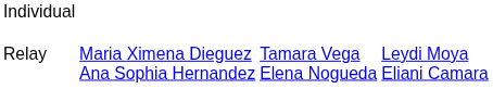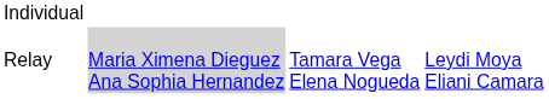 <table>
 <tr>
 <td>Individual</td>
 <td></td>
 <td></td>
 <td></td>
 </tr>
 <tr>
 <td>Relay</td>
-<td><br><a href='#'>Maria Ximena Dieguez</a><br><a href='#'>Ana Sophia Hernandez</a></td>
+<td style="background: lightgrey;"><br><a href='#'>Maria Ximena Dieguez</a><br><a href='#'>Ana Sophia Hernandez</a></td>
 <td><br><a href='#'>Tamara Vega</a><br><a href='#'>Elena Nogueda</a></td>
 <td><br><a href='#'>Leydi Moya</a><br><a href='#'>Eliani Camara</a></td>
 </tr>
 <tr>
 </tr>
 </table>
